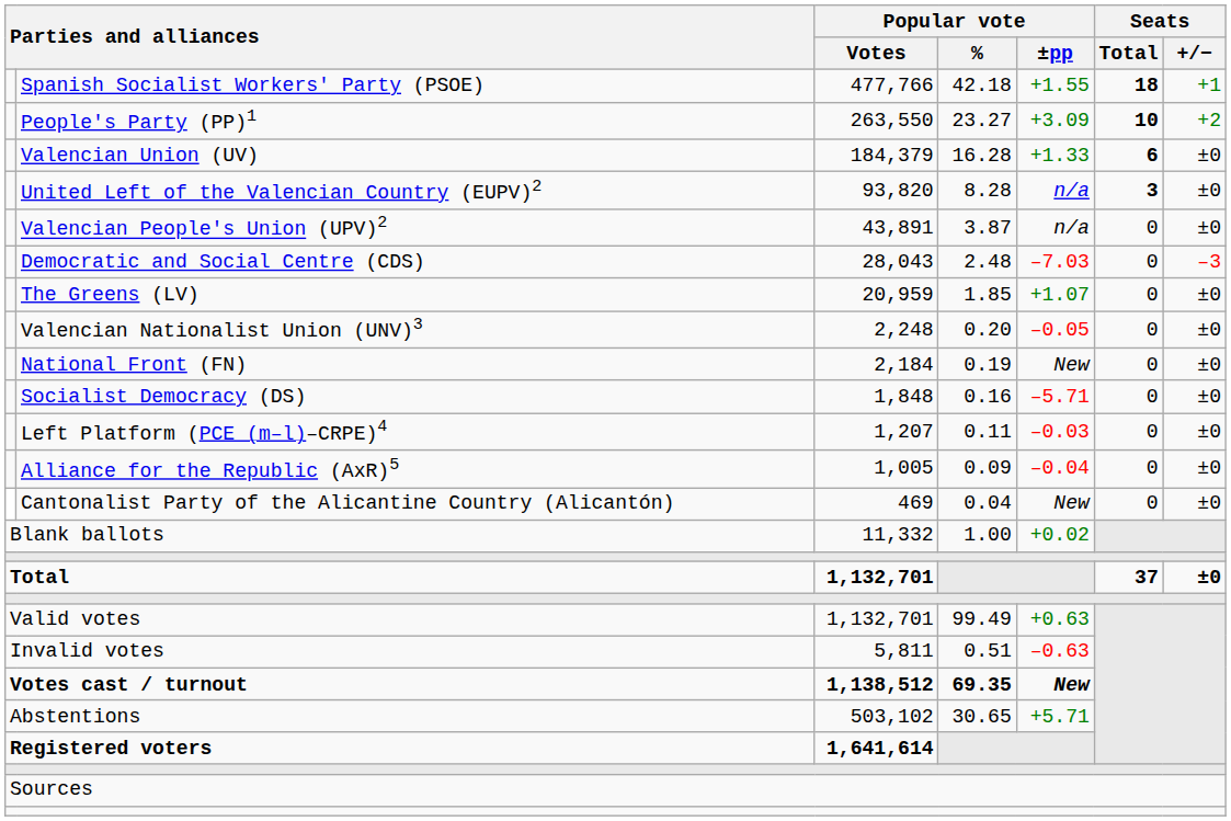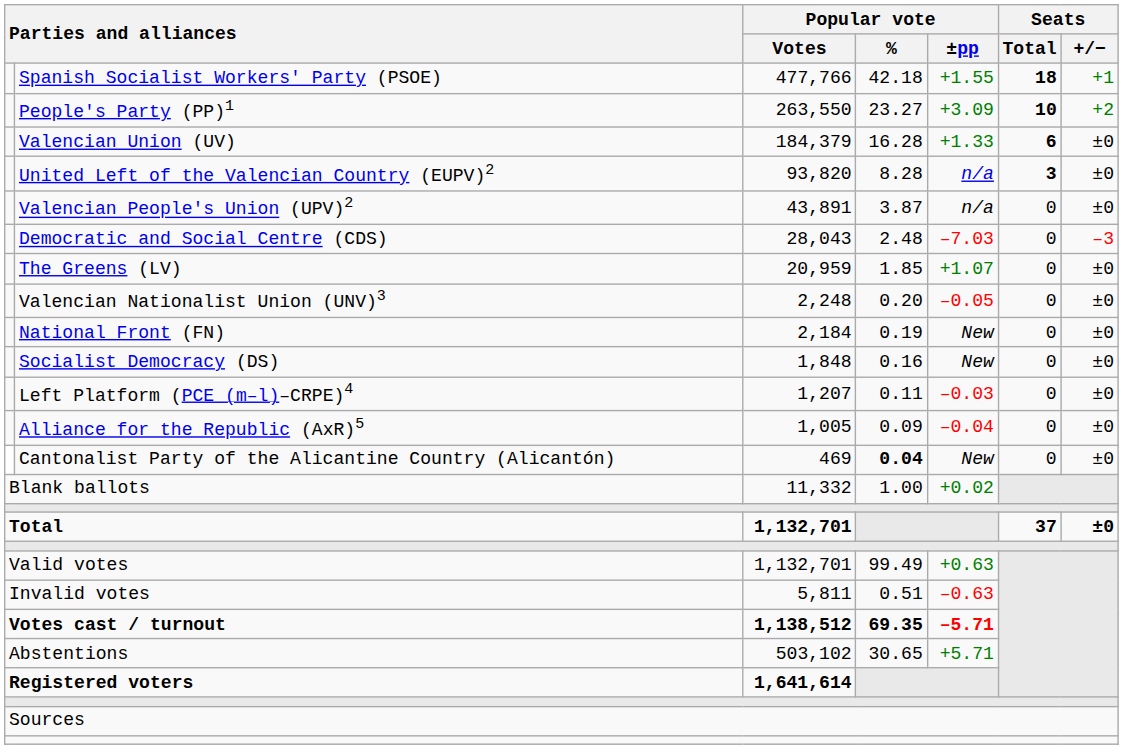 <table class="wikitable" style="text-align:right;">
 <tr>
 <th style="text-align:left;" rowspan="2" colspan="2" width="525">Parties and alliances</th>
 <th colspan="3">Popular vote</th>
 <th colspan="2">Seats</th>
 </tr>
 <tr>
 <th width="75">Votes</th>
 <th width="45">%</th>
 <th width="45">±<a href='#'>pp</a></th>
 <th width="35">Total</th>
 <th width="35">+/−</th>
 </tr>
 <tr>
 <td width="1" style="color:inherit;background:"></td>
 <td align="left"><a href='#'>Spanish Socialist Workers' Party</a> (PSOE)</td>
 <td>477,766</td>
 <td>42.18</td>
 <td style="color:green;">+1.55</td>
 <td><strong>18</strong></td>
 <td style="color:green;">+1</td>
 </tr>
 <tr>
 <td style="color:inherit;background:"></td>
 <td align="left"><a href='#'>People's Party</a> (PP)<sup>1</sup></td>
 <td>263,550</td>
 <td>23.27</td>
 <td style="color:green;">+3.09</td>
 <td><strong>10</strong></td>
 <td style="color:green;">+2</td>
 </tr>
 <tr>
 <td style="color:inherit;background:"></td>
 <td align="left"><a href='#'>Valencian Union</a> (UV)</td>
 <td>184,379</td>
 <td>16.28</td>
 <td style="color:green;">+1.33</td>
 <td><strong>6</strong></td>
 <td>±0</td>
 </tr>
 <tr>
 <td style="color:inherit;background:"></td>
 <td align="left"><a href='#'>United Left of the Valencian Country</a> (EUPV)<sup>2</sup></td>
 <td>93,820</td>
 <td>8.28</td>
 <td><em><a href='#'>n/a</a></em></td>
 <td><strong>3</strong></td>
 <td>±0</td>
 </tr>
 <tr>
 <td style="color:inherit;background:"></td>
 <td align="left"><a href='#'>Valencian People's Union</a> (UPV)<sup>2</sup></td>
 <td>43,891</td>
 <td>3.87</td>
 <td><em>n/a</em></td>
 <td>0</td>
 <td>±0</td>
 </tr>
 <tr>
 <td style="color:inherit;background:"></td>
 <td align="left"><a href='#'>Democratic and Social Centre</a> (CDS)</td>
 <td>28,043</td>
 <td>2.48</td>
 <td style="color:red;">–7.03</td>
 <td>0</td>
 <td style="color:red;">–3</td>
 </tr>
 <tr>
 <td style="color:inherit;background:"></td>
 <td align="left"><a href='#'>The Greens</a> (LV)</td>
 <td>20,959</td>
 <td>1.85</td>
 <td style="color:green;">+1.07</td>
 <td>0</td>
 <td>±0</td>
 </tr>
 <tr>
 <td style="color:inherit;background:"></td>
 <td align="left">Valencian Nationalist Union (UNV)<sup>3</sup></td>
 <td>2,248</td>
 <td>0.20</td>
 <td style="color:red;">–0.05</td>
 <td>0</td>
 <td>±0</td>
 </tr>
 <tr>
 <td style="color:inherit;background:"></td>
 <td align="left"><a href='#'>National Front</a> (FN)</td>
 <td>2,184</td>
 <td>0.19</td>
 <td><em>New</em></td>
 <td>0</td>
 <td>±0</td>
 </tr>
 <tr>
 <td style="color:inherit;background:"></td>
 <td align="left"><a href='#'>Socialist Democracy</a> (DS)</td>
 <td>1,848</td>
 <td>0.16</td>
-<td style="color:red;">–5.71</td>
+<td><em>New</em></td>
 <td>0</td>
 <td>±0</td>
 </tr>
 <tr>
 <td style="color:inherit;background:"></td>
 <td align="left">Left Platform (<a href='#'>PCE (m–l)</a>–CRPE)<sup>4</sup></td>
 <td>1,207</td>
 <td>0.11</td>
 <td style="color:red;">–0.03</td>
 <td>0</td>
 <td>±0</td>
 </tr>
 <tr>
 <td style="color:inherit;background:"></td>
 <td align="left"><a href='#'>Alliance for the Republic</a> (AxR)<sup>5</sup></td>
 <td>1,005</td>
 <td>0.09</td>
 <td style="color:red;">–0.04</td>
 <td>0</td>
 <td>±0</td>
 </tr>
 <tr>
 <td bgcolor="white"></td>
 <td align="left">Cantonalist Party of the Alicantine Country (Alicantón)</td>
 <td>469</td>
-<td>0.04</td>
+<td><strong>0.04</strong></td>
 <td><em>New</em></td>
 <td>0</td>
 <td>±0</td>
 </tr>
 <tr>
 <td align="left" colspan="2">Blank ballots</td>
 <td>11,332</td>
 <td>1.00</td>
 <td style="color:green;">+0.02</td>
 <td bgcolor="#E9E9E9" colspan="2"></td>
 </tr>
 <tr>
 <td colspan="7" bgcolor="#E9E9E9"></td>
 </tr>
 <tr style="font-weight:bold;">
 <td align="left" colspan="2">Total</td>
 <td>1,132,701</td>
 <td bgcolor="#E9E9E9" colspan="2"></td>
 <td>37</td>
 <td>±0</td>
 </tr>
 <tr>
 <td colspan="7" bgcolor="#E9E9E9"></td>
 </tr>
 <tr>
 <td align="left" colspan="2">Valid votes</td>
 <td>1,132,701</td>
 <td>99.49</td>
 <td style="color:green;">+0.63</td>
 <td bgcolor="#E9E9E9" colspan="2" rowspan="5"></td>
 </tr>
 <tr>
 <td align="left" colspan="2">Invalid votes</td>
 <td>5,811</td>
 <td>0.51</td>
 <td style="color:red;">–0.63</td>
 </tr>
 <tr style="font-weight:bold;">
 <td align="left" colspan="2">Votes cast / turnout</td>
 <td>1,138,512</td>
 <td>69.35</td>
-<td><em>New</em></td>
+<td style="color:red;">–5.71</td>
 </tr>
 <tr>
 <td align="left" colspan="2">Abstentions</td>
 <td>503,102</td>
 <td>30.65</td>
 <td style="color:green;">+5.71</td>
 </tr>
 <tr style="font-weight:bold;">
 <td align="left" colspan="2">Registered voters</td>
 <td>1,641,614</td>
 <td bgcolor="#E9E9E9" colspan="2"></td>
 </tr>
 <tr>
 <td colspan="7" bgcolor="#E9E9E9"></td>
 </tr>
 <tr>
 <td align="left" colspan="7">Sources</td>
 </tr>
 <tr>
 <td colspan="7" style="text-align:left; max-width:790px;"></td>
 </tr>
 </table>
